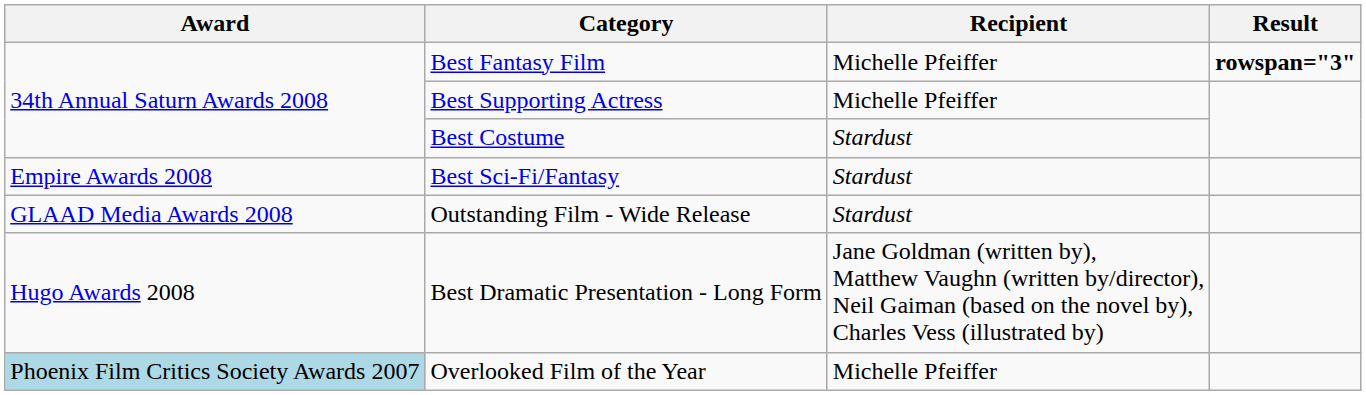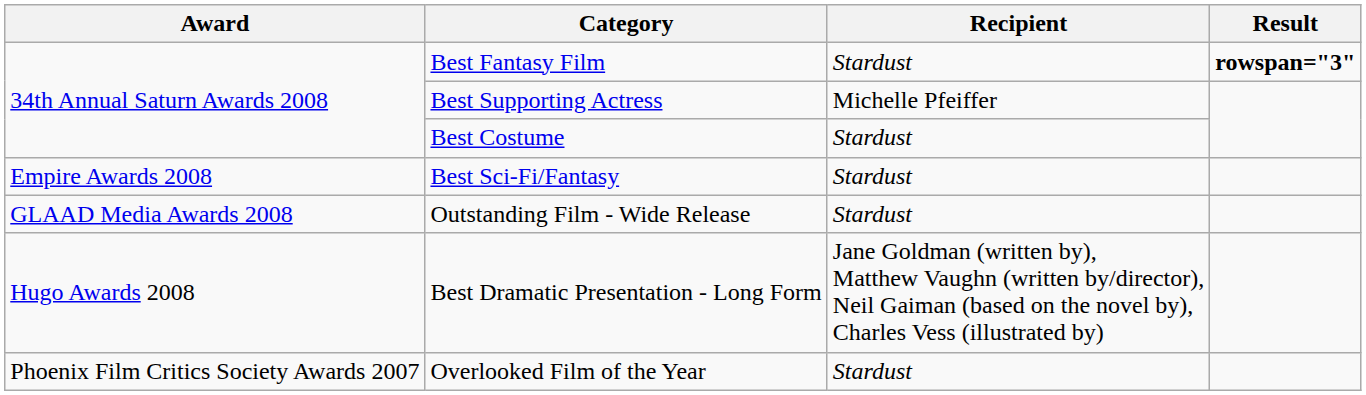 <table class="wikitable sortable plainrowheaders">
 <tr>
 <th scope="col">Award</th>
 <th scope="col">Category</th>
 <th scope="col">Recipient</th>
 <th scope="col">Result</th>
 </tr>
 <tr>
 <td rowspan="3"><a href='#'>34th Annual Saturn Awards 2008</a></td>
 <td><a href='#'>Best Fantasy Film</a></td>
-<td>Michelle Pfeiffer</td>
+<td><em>Stardust</em></td>
 <td><strong>rowspan="3" </strong></td>
 </tr>
 <tr>
 <td><a href='#'>Best Supporting Actress</a></td>
 <td>Michelle Pfeiffer</td>
 </tr>
 <tr>
 <td><a href='#'>Best Costume</a></td>
 <td><em>Stardust</em></td>
 </tr>
 <tr>
 <td><a href='#'>Empire Awards 2008</a></td>
 <td><a href='#'>Best Sci-Fi/Fantasy</a></td>
 <td><em>Stardust</em></td>
 <td></td>
 </tr>
 <tr>
 <td><a href='#'>GLAAD Media Awards 2008</a></td>
 <td>Outstanding Film - Wide Release</td>
 <td><em>Stardust</em></td>
 <td></td>
 </tr>
 <tr>
 <td><a href='#'>Hugo Awards</a> 2008</td>
 <td>Best Dramatic Presentation - Long Form</td>
 <td>Jane Goldman (written by), <br>Matthew Vaughn (written by/director), <br>Neil Gaiman (based on the novel by), <br>Charles Vess (illustrated by)</td>
 <td></td>
 </tr>
 <tr>
-<td style="background: lightblue;">Phoenix Film Critics Society Awards 2007</td>
+<td>Phoenix Film Critics Society Awards 2007</td>
 <td>Overlooked Film of the Year</td>
-<td>Michelle Pfeiffer</td>
+<td><em>Stardust</em></td>
 <td></td>
 </tr>
 </table>
